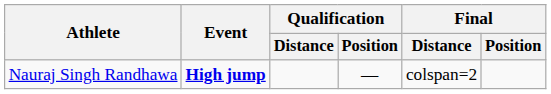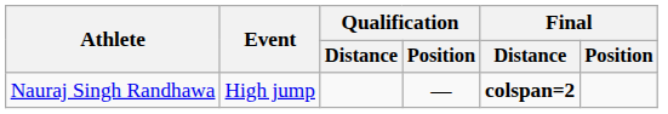 <table class=wikitable style="font-size:90%">
 <tr>
 <th rowspan="2">Athlete</th>
 <th rowspan="2">Event</th>
 <th colspan="2">Qualification</th>
 <th colspan="2">Final</th>
 </tr>
 <tr style="font-size:95%">
 <th>Distance</th>
 <th>Position</th>
 <th>Distance</th>
 <th>Position</th>
 </tr>
 <tr style=text-align:center>
 <td style=text-align:left><a href='#'>Nauraj Singh Randhawa</a></td>
-<td style=text-align:left><strong><a href='#'>High jump</a></strong></td>
+<td style=text-align:left><a href='#'>High jump</a></td>
 <td></td>
 <td>—</td>
-<td>colspan=2 </td>
+<td><strong>colspan=2 </strong></td>
 </tr>
 </table>
